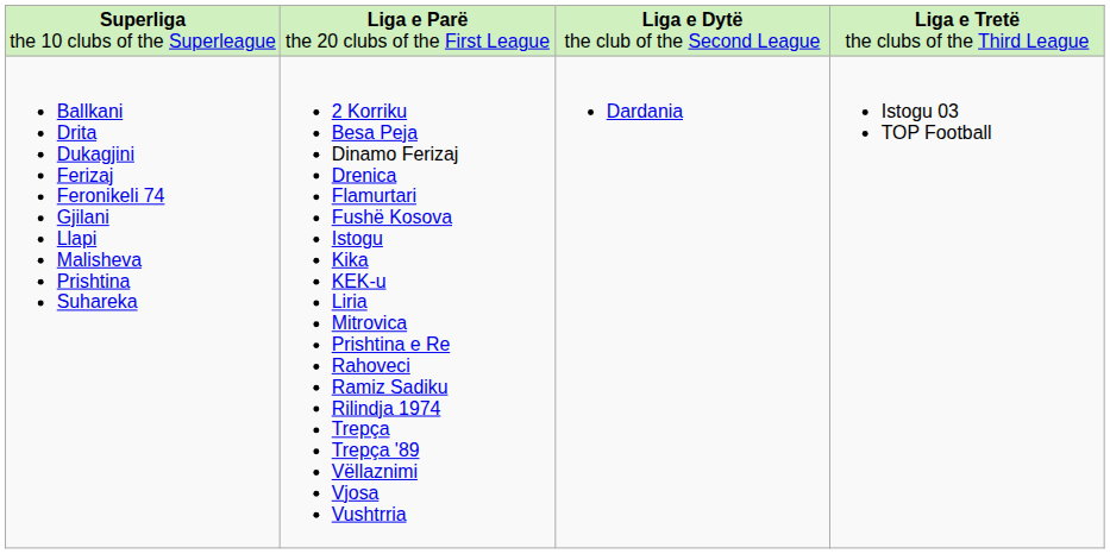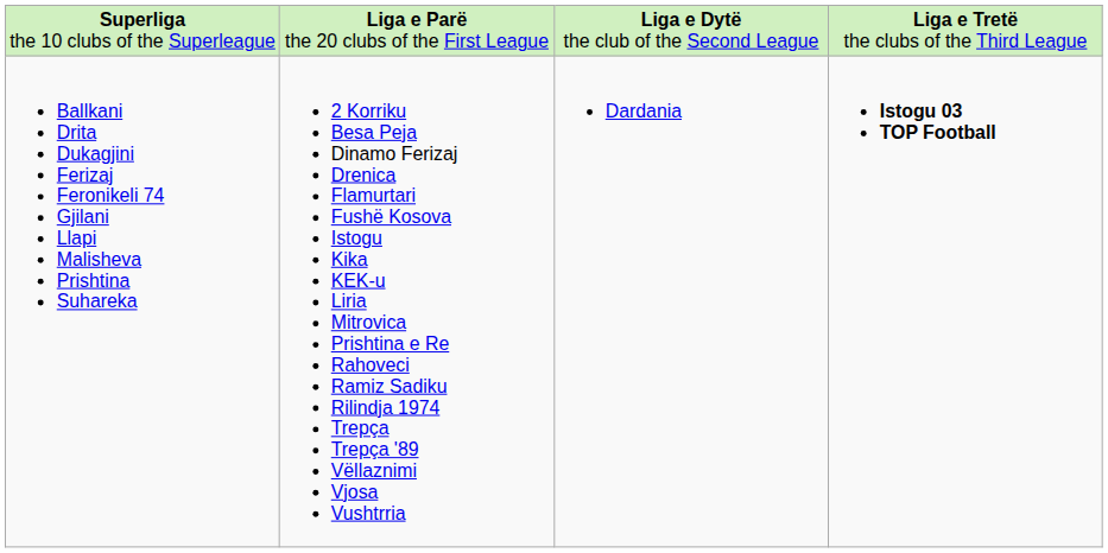 <table class="wikitable">
 <tr>
 <td align="center" style="width:25%; background:#d0f0c0"><strong>Superliga</strong><br>the 10 clubs of the <a href='#'>Superleague</a></td>
 <td align="center" style="width:25%; background:#d0f0c0"><strong>Liga e Parë</strong><br>the 20 clubs of the <a href='#'>First League</a></td>
 <td align="center" style="width:25%; background:#d0f0c0"><strong>Liga e Dytë</strong><br>the club of the <a href='#'>Second League</a></td>
 <td align="center" style="width:25%; background:#d0f0c0"><strong>Liga e Tretë</strong><br>the clubs of the <a href='#'>Third League</a></td>
 </tr>
 <tr style="vertical-align:top">
 <td><br><ul><li><a href='#'>Ballkani</a></li><li><a href='#'>Drita</a></li><li><a href='#'>Dukagjini</a></li><li><a href='#'>Ferizaj</a></li><li><a href='#'>Feronikeli 74</a></li><li><a href='#'>Gjilani</a></li><li><a href='#'>Llapi</a></li><li><a href='#'>Malisheva</a></li><li><a href='#'>Prishtina</a></li><li><a href='#'>Suhareka</a></li></ul></td>
 <td><br><ul><li><a href='#'>2 Korriku</a></li><li><a href='#'>Besa Peja</a></li><li>Dinamo Ferizaj</li><li><a href='#'>Drenica</a></li><li><a href='#'>Flamurtari</a></li><li><a href='#'>Fushë Kosova</a></li><li><a href='#'>Istogu</a></li><li><a href='#'>Kika</a></li><li><a href='#'>KEK-u</a></li><li><a href='#'>Liria</a></li><li><a href='#'>Mitrovica</a></li><li><a href='#'>Prishtina e Re</a></li><li><a href='#'>Rahoveci</a></li><li><a href='#'>Ramiz Sadiku</a></li><li><a href='#'>Rilindja 1974</a></li><li><a href='#'>Trepça</a></li><li><a href='#'>Trepça '89</a></li><li><a href='#'>Vëllaznimi</a></li><li><a href='#'>Vjosa</a></li><li><a href='#'>Vushtrria</a></li></ul></td>
 <td><br><ul><li><a href='#'>Dardania</a></li></ul></td>
-<td><br><ul><li>Istogu 03</li><li>TOP Football</li></ul></td>
+<td><strong><br><ul><li>Istogu 03</li><li>TOP Football</li></ul></strong></td>
 </tr>
 </table>
